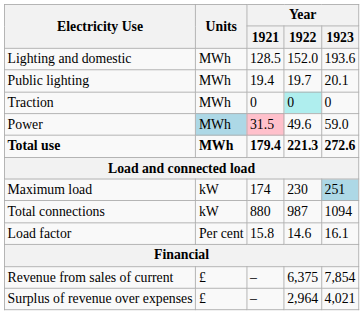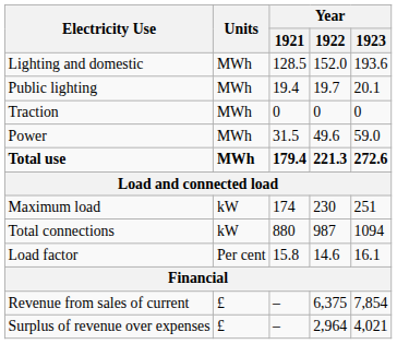 <table class="wikitable">
 <tr>
 <th rowspan="2">Electricity Use</th>
 <th rowspan="2">Units</th>
 <th colspan="3">Year</th>
 </tr>
 <tr>
 <th>1921</th>
 <th>1922</th>
 <th>1923</th>
 </tr>
 <tr>
 <td>Lighting and domestic</td>
 <td>MWh</td>
 <td>128.5</td>
 <td>152.0</td>
 <td>193.6</td>
 </tr>
 <tr>
 <td>Public lighting</td>
 <td>MWh</td>
 <td>19.4</td>
 <td>19.7</td>
 <td>20.1</td>
 </tr>
 <tr>
 <td>Traction</td>
 <td>MWh</td>
 <td>0</td>
-<td style="background: paleturquoise;">0</td>
+<td>0</td>
 <td>0</td>
 </tr>
 <tr>
 <td>Power</td>
-<td style="background: lightblue;">MWh</td>
-<td style="background: pink;">31.5</td>
+<td>MWh</td>
+<td>31.5</td>
 <td>49.6</td>
 <td>59.0</td>
 </tr>
 <tr>
 <td><strong>Total use</strong></td>
 <td><strong>MWh</strong></td>
 <td><strong>179.4</strong></td>
 <td><strong>221.3</strong></td>
 <td><strong>272.6</strong></td>
 </tr>
 <tr>
 <th colspan="5">Load and connected load</th>
 </tr>
 <tr>
 <td>Maximum load</td>
 <td>kW</td>
 <td>174</td>
 <td>230</td>
-<td style="background: lightblue;">251</td>
+<td>251</td>
 </tr>
 <tr>
 <td>Total connections</td>
 <td>kW</td>
 <td>880</td>
 <td>987</td>
 <td>1094</td>
 </tr>
 <tr>
 <td>Load factor</td>
 <td>Per cent</td>
 <td>15.8</td>
 <td>14.6</td>
 <td>16.1</td>
 </tr>
 <tr>
 <th colspan="5">Financial</th>
 </tr>
 <tr>
 <td>Revenue from sales of current</td>
 <td>£</td>
 <td>–</td>
 <td>6,375</td>
 <td>7,854</td>
 </tr>
 <tr>
 <td>Surplus of revenue over expenses</td>
 <td>£</td>
 <td>–</td>
 <td>2,964</td>
 <td>4,021</td>
 </tr>
 </table>
